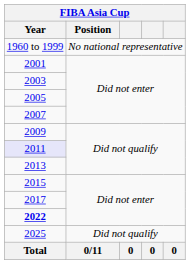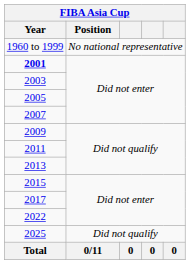 <table class="wikitable" style="text-align: center;">
 <tr>
 <th colspan=9><a href='#'>FIBA Asia Cup</a></th>
 </tr>
 <tr>
 <th>Year</th>
 <th>Position</th>
 <th width=25px></th>
 <th width=25px></th>
 <th width=25px></th>
 </tr>
 <tr>
 <td><a href='#'>1960</a> to <a href='#'>1999</a></td>
 <td colspan=5><em>No national representative</em></td>
 </tr>
 <tr>
-<td> <a href='#'>2001</a></td>
+<td><strong> <a href='#'>2001</a></strong></td>
 <td colspan=5 rowspan=4><em>Did not enter</em></td>
 </tr>
 <tr>
 <td> <a href='#'>2003</a></td>
 </tr>
 <tr>
 <td> <a href='#'>2005</a></td>
 </tr>
 <tr>
 <td> <a href='#'>2007</a></td>
 </tr>
 <tr>
 <td> <a href='#'>2009</a></td>
 <td colspan=5 rowspan=3><em>Did not qualify</em></td>
 </tr>
 <tr>
-<td style="background: lavender;"> <a href='#'>2011</a></td>
+<td> <a href='#'>2011</a></td>
 </tr>
 <tr>
 <td> <a href='#'>2013</a></td>
 </tr>
 <tr>
 <td> <a href='#'>2015</a></td>
 <td colspan=5 rowspan=3><em>Did not enter</em></td>
 </tr>
 <tr>
 <td> <a href='#'>2017</a></td>
 </tr>
 <tr>
-<td><strong> <a href='#'>2022</a></strong></td>
+<td> <a href='#'>2022</a></td>
 </tr>
 <tr>
 <td> <a href='#'>2025</a></td>
 <td colspan=5><em>Did not qualify</em></td>
 </tr>
 <tr>
 <th>Total</th>
 <th>0/11</th>
 <th>0</th>
 <th>0</th>
 <th>0</th>
 </tr>
 </table>
